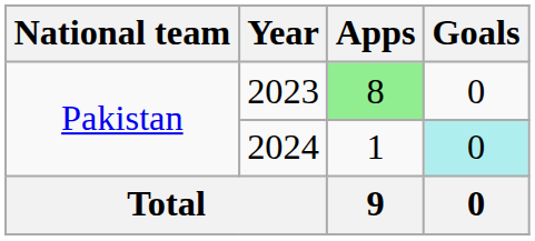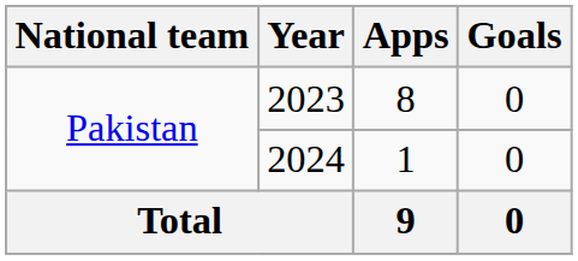 <table class="wikitable" style="text-align: center;">
 <tr>
 <th>National team</th>
 <th>Year</th>
 <th>Apps</th>
 <th>Goals</th>
 </tr>
 <tr>
 <td rowspan="2"><a href='#'>Pakistan</a></td>
 <td>2023</td>
-<td style="background: lightgreen;">8</td>
+<td>8</td>
 <td>0</td>
 </tr>
 <tr>
 <td>2024</td>
 <td>1</td>
-<td style="background: paleturquoise;">0</td>
+<td>0</td>
 </tr>
 <tr>
 <th colspan="2">Total</th>
 <th>9</th>
 <th>0</th>
 </tr>
 </table>
